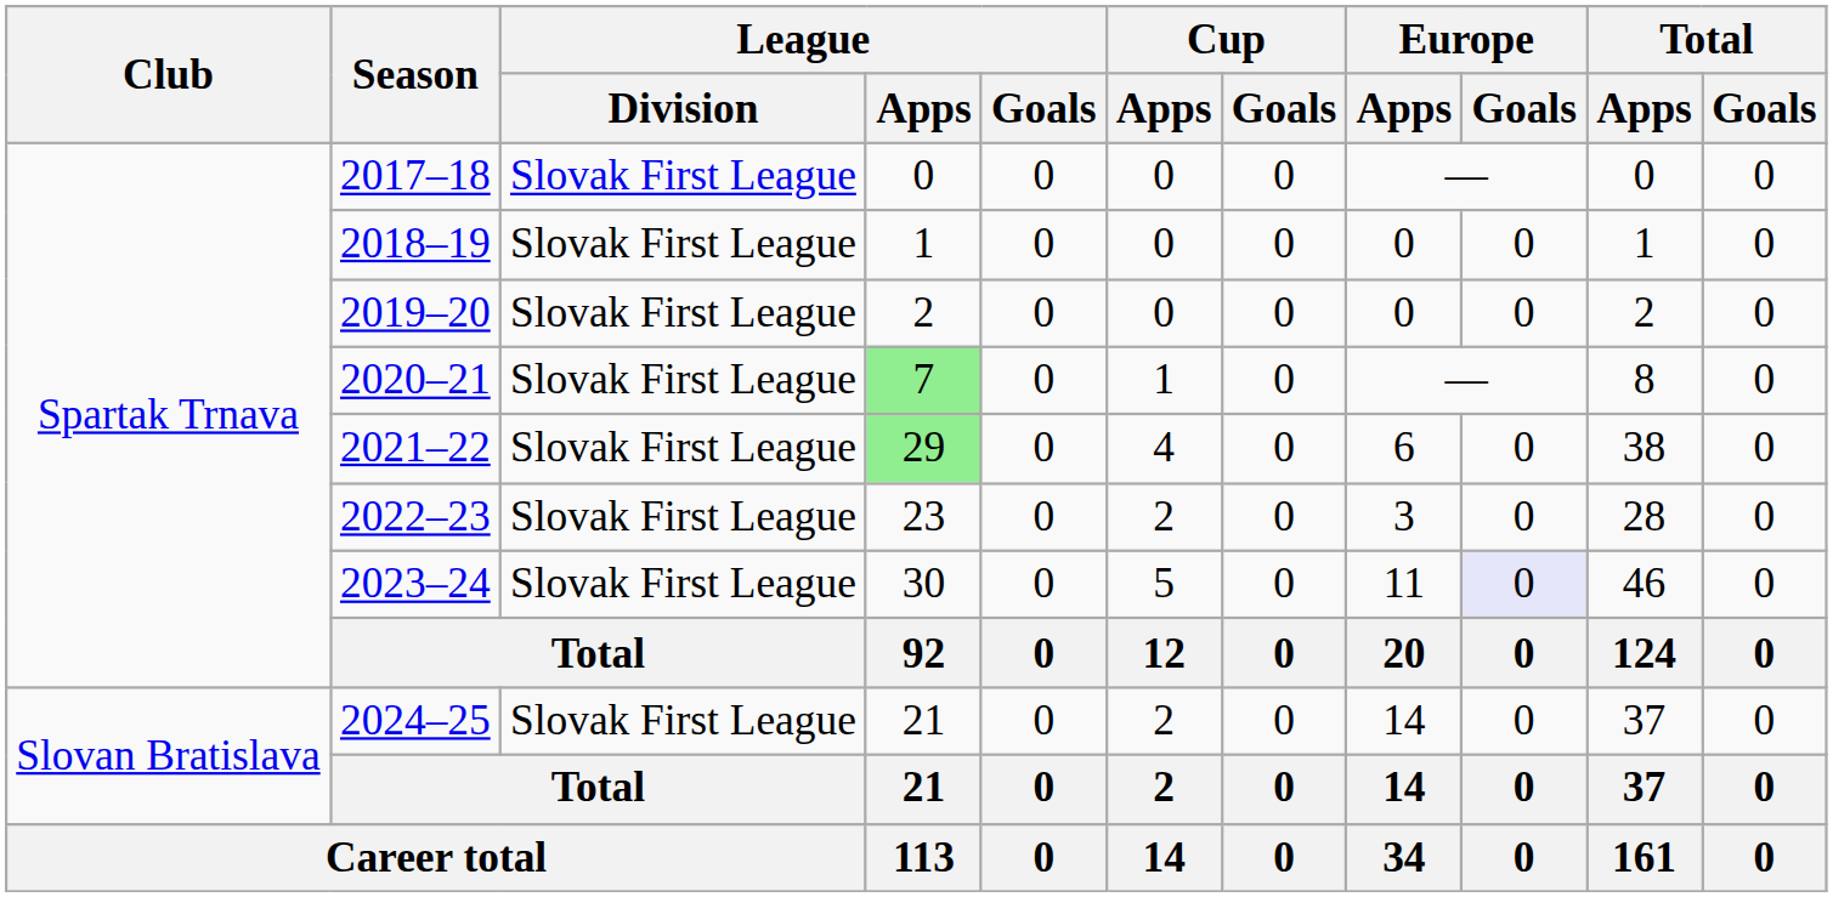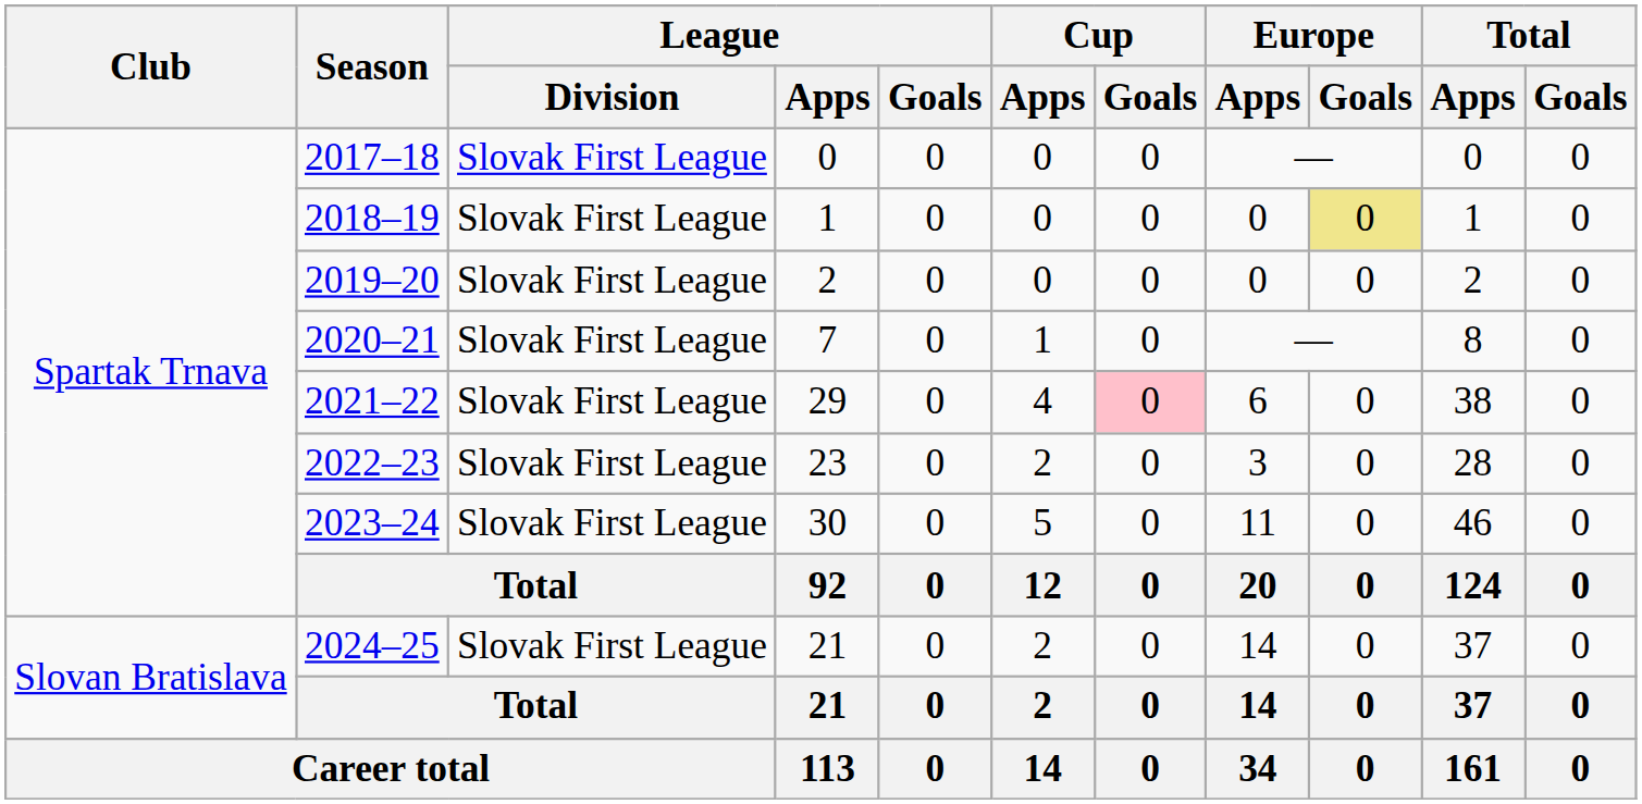 <table class="wikitable" style="text-align: center;">
 <tr>
 <th rowspan=2>Club</th>
 <th rowspan=2>Season</th>
 <th colspan=3>League</th>
 <th colspan=2>Cup</th>
 <th colspan=2>Europe</th>
 <th colspan=2>Total</th>
 </tr>
 <tr>
 <th>Division</th>
 <th>Apps</th>
 <th>Goals</th>
 <th>Apps</th>
 <th>Goals</th>
 <th>Apps</th>
 <th>Goals</th>
 <th>Apps</th>
 <th>Goals</th>
 </tr>
 <tr>
 <td rowspan="8"><a href='#'>Spartak Trnava</a></td>
 <td><a href='#'>2017–18</a></td>
 <td><a href='#'>Slovak First League</a></td>
 <td>0</td>
 <td>0</td>
 <td>0</td>
 <td>0</td>
 <td colspan="2">—</td>
 <td>0</td>
 <td>0</td>
 </tr>
 <tr>
 <td><a href='#'>2018–19</a></td>
 <td>Slovak First League</td>
 <td>1</td>
 <td>0</td>
 <td>0</td>
 <td>0</td>
 <td>0</td>
-<td>0</td>
+<td style="background: khaki;">0</td>
 <td>1</td>
 <td>0</td>
 </tr>
 <tr>
 <td><a href='#'>2019–20</a></td>
 <td>Slovak First League</td>
 <td>2</td>
 <td>0</td>
 <td>0</td>
 <td>0</td>
 <td>0</td>
 <td>0</td>
 <td>2</td>
 <td>0</td>
 </tr>
 <tr>
 <td><a href='#'>2020–21</a></td>
 <td>Slovak First League</td>
-<td style="background: lightgreen;">7</td>
+<td>7</td>
 <td>0</td>
 <td>1</td>
 <td>0</td>
 <td colspan="2">—</td>
 <td>8</td>
 <td>0</td>
 </tr>
 <tr>
 <td><a href='#'>2021–22</a></td>
 <td>Slovak First League</td>
-<td style="background: lightgreen;">29</td>
+<td>29</td>
 <td>0</td>
 <td>4</td>
-<td>0</td>
+<td style="background: pink;">0</td>
 <td>6</td>
 <td>0</td>
 <td>38</td>
 <td>0</td>
 </tr>
 <tr>
 <td><a href='#'>2022–23</a></td>
 <td>Slovak First League</td>
 <td>23</td>
 <td>0</td>
 <td>2</td>
 <td>0</td>
 <td>3</td>
 <td>0</td>
 <td>28</td>
 <td>0</td>
 </tr>
 <tr>
 <td><a href='#'>2023–24</a></td>
 <td>Slovak First League</td>
 <td>30</td>
 <td>0</td>
 <td>5</td>
 <td>0</td>
 <td>11</td>
-<td style="background: lavender;">0</td>
+<td>0</td>
 <td>46</td>
 <td>0</td>
 </tr>
 <tr>
 <th colspan="2">Total</th>
 <th>92</th>
 <th>0</th>
 <th>12</th>
 <th>0</th>
 <th>20</th>
 <th>0</th>
 <th>124</th>
 <th>0</th>
 </tr>
 <tr>
 <td rowspan="2"><a href='#'>Slovan Bratislava</a></td>
 <td><a href='#'>2024–25</a></td>
 <td>Slovak First League</td>
 <td>21</td>
 <td>0</td>
 <td>2</td>
 <td>0</td>
 <td>14</td>
 <td>0</td>
 <td>37</td>
 <td>0</td>
 </tr>
 <tr>
 <th colspan="2">Total</th>
 <th>21</th>
 <th>0</th>
 <th>2</th>
 <th>0</th>
 <th>14</th>
 <th>0</th>
 <th>37</th>
 <th>0</th>
 </tr>
 <tr>
 <th colspan="3">Career total</th>
 <th>113</th>
 <th>0</th>
 <th>14</th>
 <th>0</th>
 <th>34</th>
 <th>0</th>
 <th>161</th>
 <th>0</th>
 </tr>
 </table>
